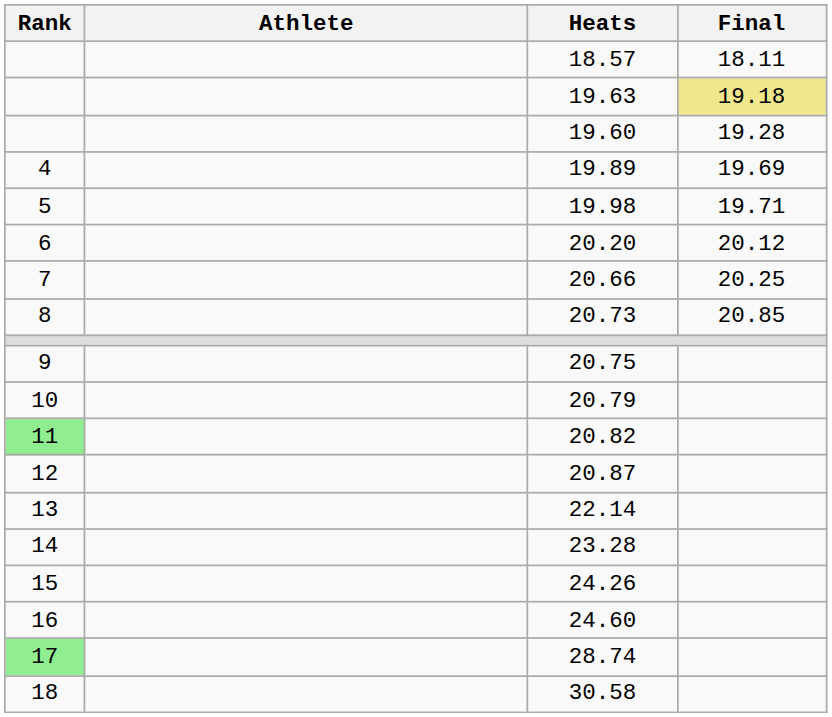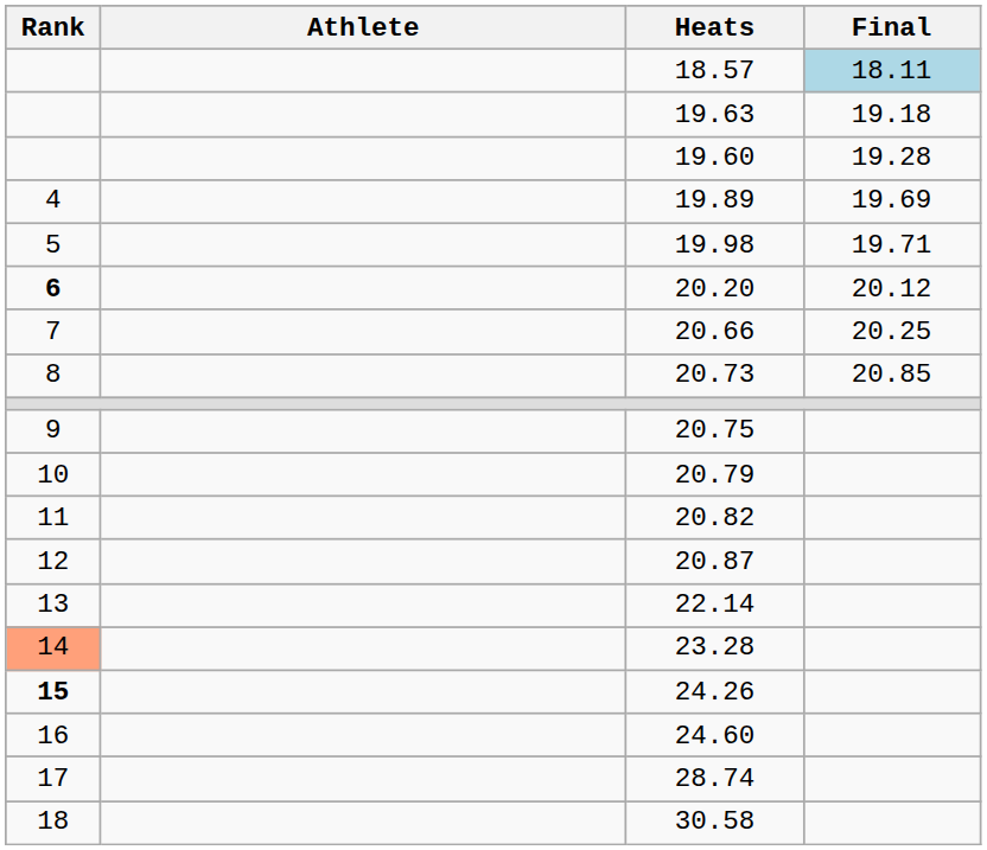 <table class=wikitable style="text-align:center">
 <tr>
 <th width=40>Rank</th>
 <th width=250>Athlete</th>
 <th width=80>Heats</th>
 <th width=80>Final</th>
 </tr>
 <tr>
 <td></td>
 <td align=left></td>
 <td>18.57</td>
-<td>18.11</td>
+<td style="background: lightblue;">18.11</td>
 </tr>
 <tr>
 <td></td>
 <td align=left></td>
 <td>19.63</td>
-<td style="background: khaki;">19.18</td>
+<td>19.18</td>
 </tr>
 <tr>
 <td></td>
 <td align=left></td>
 <td>19.60</td>
 <td>19.28</td>
 </tr>
 <tr>
 <td>4</td>
 <td align=left></td>
 <td>19.89</td>
 <td>19.69</td>
 </tr>
 <tr>
 <td>5</td>
 <td align=left></td>
 <td>19.98</td>
 <td>19.71</td>
 </tr>
 <tr>
-<td>6</td>
+<td><strong>6</strong></td>
 <td align=left></td>
 <td>20.20</td>
 <td>20.12</td>
 </tr>
 <tr>
 <td>7</td>
 <td align=left></td>
 <td>20.66</td>
 <td>20.25</td>
 </tr>
 <tr>
 <td>8</td>
 <td align=left></td>
 <td>20.73</td>
 <td>20.85</td>
 </tr>
 <tr bgcolor=#DDDDDD>
 <td colspan=4></td>
 </tr>
 <tr>
 <td>9</td>
 <td align=left></td>
 <td>20.75</td>
 <td></td>
 </tr>
 <tr>
 <td>10</td>
 <td align=left></td>
 <td>20.79</td>
 <td></td>
 </tr>
 <tr>
-<td style="background: lightgreen;">11</td>
+<td>11</td>
 <td align=left></td>
 <td>20.82</td>
 <td></td>
 </tr>
 <tr>
 <td>12</td>
 <td align=left></td>
 <td>20.87</td>
 <td></td>
 </tr>
 <tr>
 <td>13</td>
 <td align=left></td>
 <td>22.14</td>
 <td></td>
 </tr>
 <tr>
-<td>14</td>
+<td style="background: lightsalmon;">14</td>
 <td align=left></td>
 <td>23.28</td>
 <td></td>
 </tr>
 <tr>
-<td>15</td>
+<td><strong>15</strong></td>
 <td align=left></td>
 <td>24.26</td>
 <td></td>
 </tr>
 <tr>
 <td>16</td>
 <td align=left></td>
 <td>24.60</td>
 <td></td>
 </tr>
 <tr>
-<td style="background: lightgreen;">17</td>
+<td>17</td>
 <td align=left></td>
 <td>28.74</td>
 <td></td>
 </tr>
 <tr>
 <td>18</td>
 <td align=left></td>
 <td>30.58</td>
 <td></td>
 </tr>
 </table>
